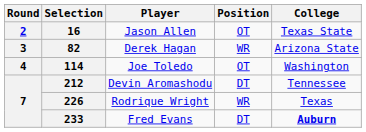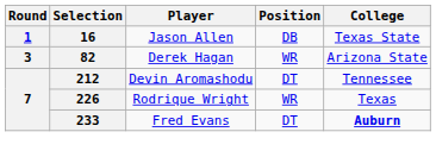 <table class="wikitable" style="text-align:center">
 <tr>
 <th>Round</th>
 <th>Selection</th>
 <th>Player</th>
 <th>Position</th>
 <th>College</th>
 </tr>
 <tr>
-<th><a href='#'>2</a></th>
+<th><a href='#'>1</a></th>
 <th>16</th>
 <td><a href='#'>Jason Allen</a></td>
-<td><a href='#'>OT</a></td>
+<td><a href='#'>DB</a></td>
 <td><a href='#'>Texas State</a></td>
 </tr>
 <tr>
 <th>3</th>
 <th>82</th>
 <td><a href='#'>Derek Hagan</a></td>
 <td><a href='#'>WR</a></td>
 <td><a href='#'>Arizona State</a></td>
-</tr>
-<tr>
-<th>4</th>
-<th>114</th>
-<td><a href='#'>Joe Toledo</a></td>
-<td><a href='#'>OT</a></td>
-<td><a href='#'>Washington</a></td>
 </tr>
 <tr>
 <th rowspan="3">7</th>
 <th>212</th>
 <td><a href='#'>Devin Aromashodu</a></td>
 <td><a href='#'>DT</a></td>
 <td><a href='#'>Tennessee</a></td>
 </tr>
 <tr>
 <th>226</th>
 <td><a href='#'>Rodrique Wright</a></td>
 <td><a href='#'>WR</a></td>
 <td><a href='#'>Texas</a></td>
 </tr>
 <tr>
 <th>233</th>
 <td><a href='#'>Fred Evans</a></td>
 <td><a href='#'>DT</a></td>
 <td><strong><a href='#'>Auburn</a></strong></td>
 </tr>
 </table>
